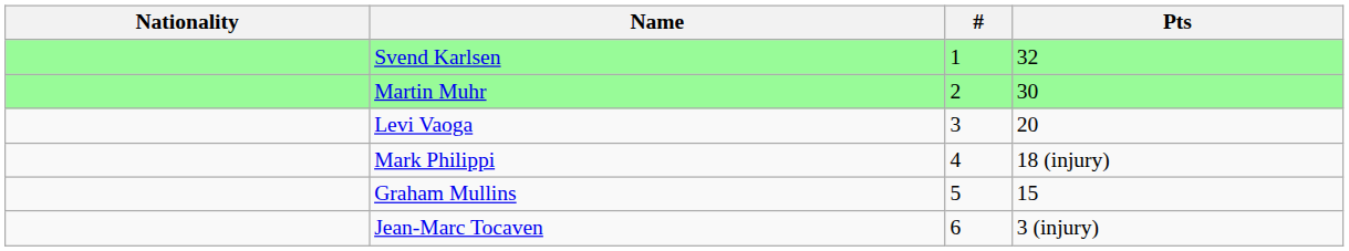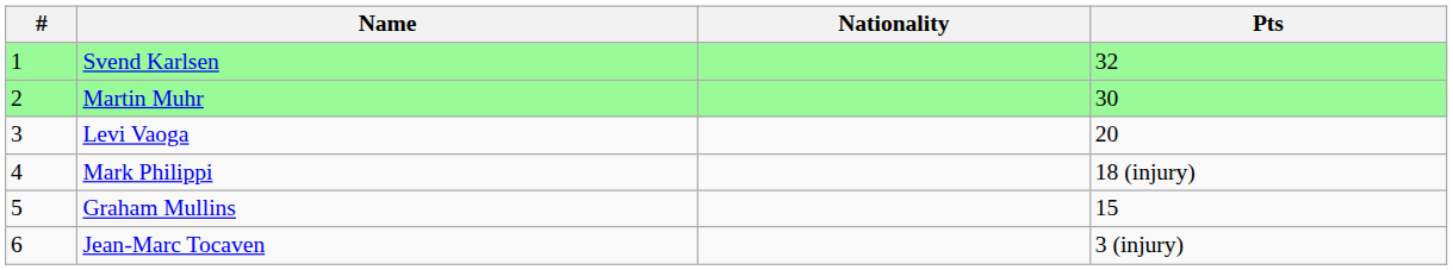 <table class="wikitable" style="display: inline-table; width: 50%;">
 <tr>
+<th>#</th>
+<th>Name</th>
 <th>Nationality</th>
-<th>Name</th>
-<th>#</th>
 <th>Pts</th>
 </tr>
 <tr bgcolor=palegreen>
+<td>1</td>
+<td><a href='#'>Svend Karlsen</a></td>
 <td></td>
-<td><a href='#'>Svend Karlsen</a></td>
-<td>1</td>
 <td>32</td>
 </tr>
 <tr bgcolor=palegreen>
+<td>2</td>
+<td><a href='#'>Martin Muhr</a></td>
 <td></td>
-<td><a href='#'>Martin Muhr</a></td>
-<td>2</td>
 <td>30</td>
 </tr>
 <tr>
+<td>3</td>
+<td><a href='#'>Levi Vaoga</a></td>
 <td></td>
-<td><a href='#'>Levi Vaoga</a></td>
-<td>3</td>
 <td>20</td>
 </tr>
 <tr>
+<td>4</td>
+<td><a href='#'>Mark Philippi</a></td>
 <td></td>
-<td><a href='#'>Mark Philippi</a></td>
-<td>4</td>
 <td>18 (injury)</td>
 </tr>
 <tr>
+<td>5</td>
+<td><a href='#'>Graham Mullins</a></td>
 <td></td>
-<td><a href='#'>Graham Mullins</a></td>
-<td>5</td>
 <td>15</td>
 </tr>
 <tr>
+<td>6</td>
+<td><a href='#'>Jean-Marc Tocaven</a></td>
 <td></td>
-<td><a href='#'>Jean-Marc Tocaven</a></td>
-<td>6</td>
 <td>3 (injury)</td>
 </tr>
 </table>
